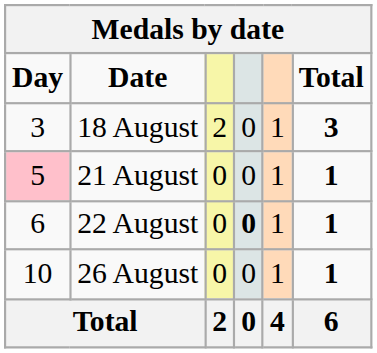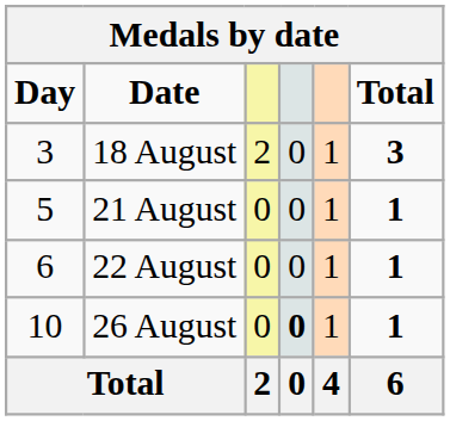 <table class="wikitable" style="font-size:85%; text-align:center;">
 <tr style="background:#efefef;">
 <th colspan=6><strong>Medals by date</strong></th>
 </tr>
 <tr>
 <td><strong>Day</strong></td>
 <td><strong>Date</strong></td>
 <td style="background:#F7F6A8;"></td>
 <td style="background:#DCE5E5;"></td>
 <td style="background:#FFDAB9;"></td>
 <td><strong>Total</strong></td>
 </tr>
 <tr>
 <td>3</td>
 <td>18 August</td>
 <td style="background:#F7F6A8;">2</td>
 <td style="background:#DCE5E5;">0</td>
 <td style="background:#FFDAB9;">1</td>
 <td><strong>3</strong></td>
 </tr>
 <tr>
-<td style="background: pink;">5</td>
+<td>5</td>
 <td>21 August</td>
 <td style="background:#F7F6A8;">0</td>
 <td style="background:#DCE5E5;">0</td>
 <td style="background:#FFDAB9;">1</td>
 <td><strong>1</strong></td>
 </tr>
 <tr>
 <td>6</td>
 <td>22 August</td>
 <td style="background:#F7F6A8;">0</td>
-<td style="background:#DCE5E5;"><strong>0</strong></td>
+<td style="background:#DCE5E5;">0</td>
 <td style="background:#FFDAB9;">1</td>
 <td><strong>1</strong></td>
 </tr>
 <tr>
 <td>10</td>
 <td>26 August</td>
 <td style="background:#F7F6A8;">0</td>
-<td style="background:#DCE5E5;">0</td>
+<td style="background:#DCE5E5;"><strong>0</strong></td>
 <td style="background:#FFDAB9;">1</td>
 <td><strong>1</strong></td>
 </tr>
 <tr>
 <th colspan="2">Total</th>
 <th>2</th>
 <th>0</th>
 <th>4</th>
 <th>6</th>
 </tr>
 </table>
